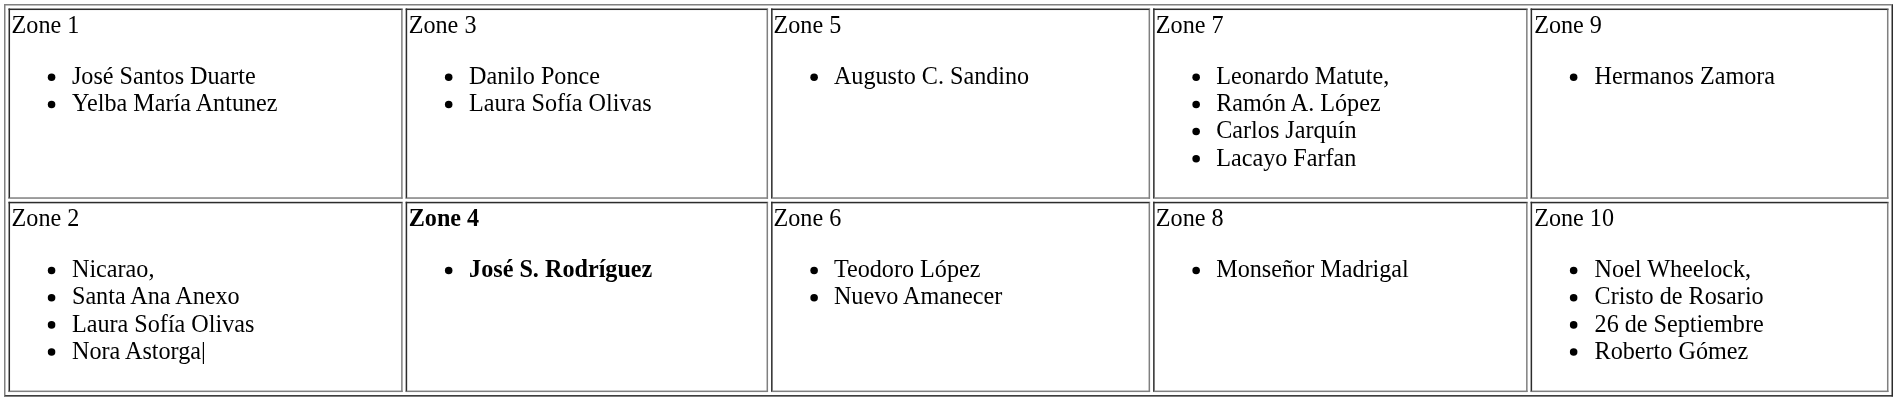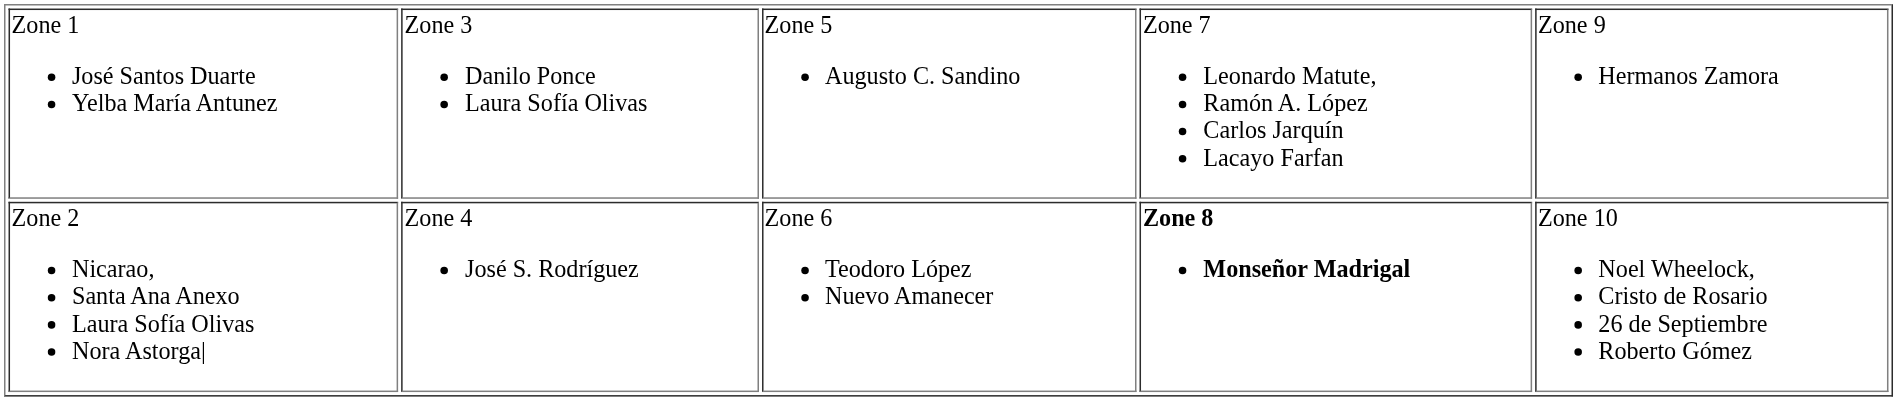 <table border="1" width="99%" align="center'">
 <tr valign="top">
 <td>Zone 1<br><ul><li>José Santos Duarte</li><li>Yelba María Antunez</li></ul></td>
 <td>Zone 3<br><ul><li>Danilo Ponce</li><li>Laura Sofía Olivas</li></ul></td>
 <td>Zone 5<br><ul><li>Augusto C. Sandino</li></ul></td>
 <td>Zone 7<br><ul><li>Leonardo Matute,</li><li>Ramón A. López</li><li>Carlos Jarquín</li><li>Lacayo Farfan</li></ul></td>
 <td>Zone 9<br><ul><li>Hermanos Zamora</li></ul></td>
 </tr>
 <tr valign="top">
 <td>Zone 2<br><ul><li>Nicarao,</li><li>Santa Ana Anexo</li><li>Laura Sofía Olivas</li><li>Nora Astorga|</li></ul></td>
-<td><strong>Zone 4<br><ul><li>José S. Rodríguez</li></ul></strong></td>
+<td>Zone 4<br><ul><li>José S. Rodríguez</li></ul></td>
 <td>Zone 6<br><ul><li>Teodoro López</li><li>Nuevo Amanecer</li></ul></td>
-<td>Zone 8<br><ul><li>Monseñor Madrigal</li></ul></td>
+<td><strong>Zone 8<br><ul><li>Monseñor Madrigal</li></ul></strong></td>
 <td>Zone 10<br><ul><li>Noel Wheelock,</li><li>Cristo de Rosario</li><li>26 de Septiembre</li><li>Roberto Gómez</li></ul></td>
 </tr>
 </table>
